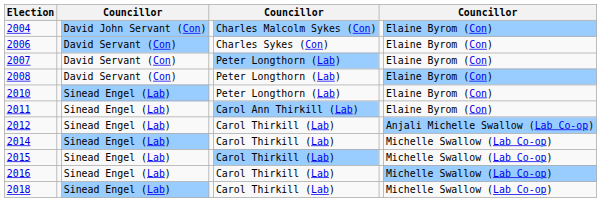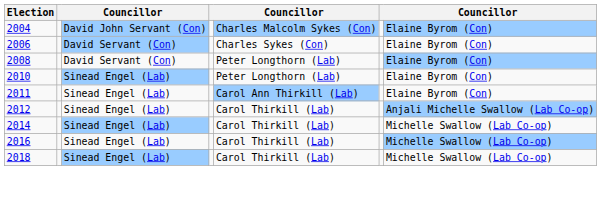 <table class="wikitable">
 <tr>
 <th>Election</th>
 <th colspan="2">Councillor</th>
 <th colspan="2">Councillor</th>
 <th colspan="2">Councillor</th>
 </tr>
 <tr>
 <td><a href='#'>2004</a></td>
 <td style="background-color: "></td>
 <td bgcolor="#99CCFF">David John Servant (<a href='#'>Con</a>)</td>
 <td style="background-color: "></td>
 <td bgcolor="#99CCFF">Charles Malcolm Sykes (<a href='#'>Con</a>)</td>
 <td style="background-color: "></td>
 <td bgcolor="#99CCFF">Elaine Byrom (<a href='#'>Con</a>)</td>
 </tr>
 <tr>
 <td><a href='#'>2006</a></td>
 <td style="background-color: "></td>
 <td bgcolor="#99CCFF">David Servant (<a href='#'>Con</a>)</td>
 <td style="background-color: "></td>
 <td>Charles Sykes (<a href='#'>Con</a>)</td>
-<td style="background-color: "></td>
-<td>Elaine Byrom (<a href='#'>Con</a>)</td>
-</tr>
-<tr>
-<td><a href='#'>2007</a></td>
-<td style="background-color: "></td>
-<td>David Servant (<a href='#'>Con</a>)</td>
-<td style="background-color: "></td>
-<td bgcolor="#99CCFF">Peter Longthorn (<a href='#'>Lab</a>)</td>
 <td style="background-color: "></td>
 <td>Elaine Byrom (<a href='#'>Con</a>)</td>
 </tr>
 <tr>
 <td><a href='#'>2008</a></td>
 <td style="background-color: "></td>
 <td>David Servant (<a href='#'>Con</a>)</td>
 <td style="background-color: "></td>
 <td>Peter Longthorn (<a href='#'>Lab</a>)</td>
 <td style="background-color: "></td>
 <td bgcolor="#99CCFF">Elaine Byrom (<a href='#'>Con</a>)</td>
 </tr>
 <tr>
 <td><a href='#'>2010</a></td>
 <td style="background-color: "></td>
 <td bgcolor="#99CCFF">Sinead Engel (<a href='#'>Lab</a>)</td>
 <td style="background-color: "></td>
 <td>Peter Longthorn (<a href='#'>Lab</a>)</td>
 <td style="background-color: "></td>
 <td>Elaine Byrom (<a href='#'>Con</a>)</td>
 </tr>
 <tr>
 <td><a href='#'>2011</a></td>
 <td style="background-color: "></td>
 <td>Sinead Engel (<a href='#'>Lab</a>)</td>
 <td style="background-color: "></td>
 <td bgcolor="#99CCFF">Carol Ann Thirkill (<a href='#'>Lab</a>)</td>
 <td style="background-color: "></td>
 <td>Elaine Byrom (<a href='#'>Con</a>)</td>
 </tr>
 <tr>
 <td><a href='#'>2012</a></td>
 <td style="background-color: "></td>
 <td>Sinead Engel (<a href='#'>Lab</a>)</td>
 <td style="background-color: "></td>
 <td>Carol Thirkill (<a href='#'>Lab</a>)</td>
 <td style="background-color: "></td>
 <td bgcolor="#99CCFF">Anjali Michelle Swallow (<a href='#'>Lab Co-op</a>)</td>
 </tr>
 <tr>
 <td><a href='#'>2014</a></td>
 <td style="background-color: "></td>
 <td bgcolor="#99CCFF">Sinead Engel (<a href='#'>Lab</a>)</td>
 <td style="background-color: "></td>
 <td>Carol Thirkill (<a href='#'>Lab</a>)</td>
 <td style="background-color: "></td>
 <td>Michelle Swallow (<a href='#'>Lab Co-op</a>)</td>
 </tr>
 <tr>
-<td><a href='#'>2015</a></td>
-<td style="background-color: "></td>
-<td>Sinead Engel (<a href='#'>Lab</a>)</td>
-<td style="background-color: "></td>
-<td bgcolor="#99CCFF">Carol Thirkill (<a href='#'>Lab</a>)</td>
-<td style="background-color: "></td>
-<td>Michelle Swallow (<a href='#'>Lab Co-op</a>)</td>
-</tr>
-<tr>
 <td><a href='#'>2016</a></td>
 <td style="background-color: "></td>
 <td>Sinead Engel (<a href='#'>Lab</a>)</td>
 <td style="background-color: "></td>
 <td>Carol Thirkill (<a href='#'>Lab</a>)</td>
 <td style="background-color: "></td>
 <td bgcolor="#99CCFF">Michelle Swallow (<a href='#'>Lab Co-op</a>)</td>
 </tr>
 <tr>
 <td><a href='#'>2018</a></td>
 <td style="background-color: "></td>
 <td bgcolor="#99CCFF">Sinead Engel (<a href='#'>Lab</a>)</td>
 <td style="background-color: "></td>
 <td>Carol Thirkill (<a href='#'>Lab</a>)</td>
 <td style="background-color: "></td>
 <td>Michelle Swallow (<a href='#'>Lab Co-op</a>)</td>
 </tr>
 </table>
